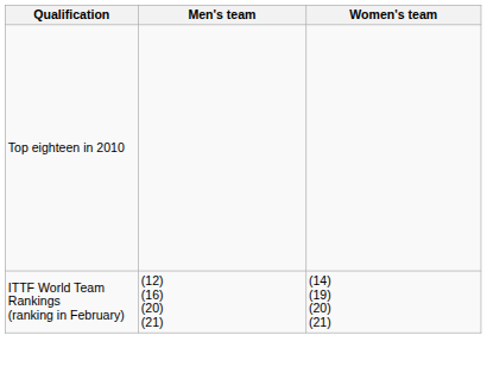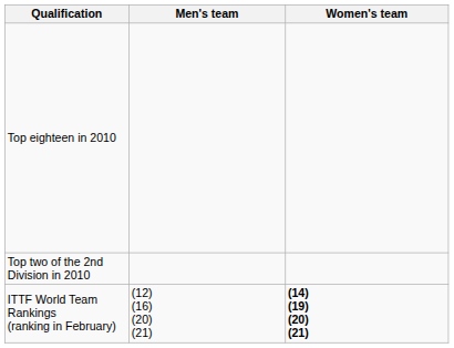 <table class="wikitable">
 <tr>
 <th width=200>Qualification</th>
 <th width=300>Men's team</th>
 <th width=300>Women's team</th>
 </tr>
 <tr>
 <td>Top eighteen in 2010</td>
 <td><br> <br> <br> <br> <br> <br> <br> <br> <br>   <br> <br> <br> <br> <br> <br> <br> <br>  </td>
 <td><br> <br> <br> <br> <br> <br> <br> <br> <br>   <br> <br> <br> <br> <br> <br> <br> <br>  </td>
 </tr>
 <tr>
+<td>Top two of the 2nd Division in 2010</td>
+<td><br> </td>
+<td><br> </td>
+</tr>
+<tr>
 <td>ITTF World Team Rankings<br> (ranking in February)</td>
 <td> (12)<br>  (16)<br>  (20)<br>  (21)</td>
-<td> (14)<br>  (19)<br>  (20)<br>  (21)</td>
+<td><strong> (14)<br>  (19)<br>  (20)<br>  (21)</strong></td>
 </tr>
 </table>
